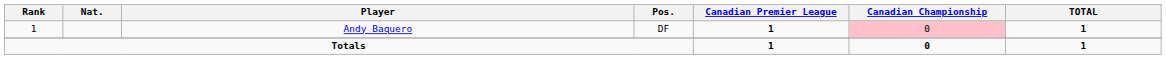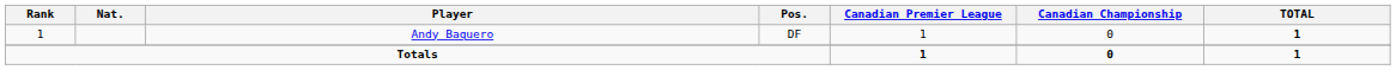 <table class="wikitable sortable alternance"  style="font-size:85%; text-align:center; line-height:14px; width:85%;">
 <tr>
 <th width=10><strong>Rank</strong></th>
 <th width=10><strong>Nat.</strong></th>
 <th scope="col" style="width:275px;"><strong>Player</strong></th>
 <th width=10><strong>Pos.</strong></th>
 <th width=80><a href='#'>Canadian Premier League</a></th>
 <th width=80><a href='#'>Canadian Championship</a></th>
 <th width=80>TOTAL</th>
 </tr>
 <tr>
 <td>1</td>
 <td></td>
 <td><a href='#'>Andy Baquero</a></td>
 <td>DF</td>
-<td><strong>1</strong></td>
-<td style="background: pink;">0</td>
+<td>1</td>
+<td>0</td>
 <td><strong>1</strong></td>
 </tr>
 <tr>
 </tr>
 <tr class="sortbottom">
 <td colspan="4"><strong>Totals</strong></td>
 <td><strong>1</strong></td>
 <td><strong>0</strong></td>
 <td><strong>1</strong></td>
 </tr>
 </table>
